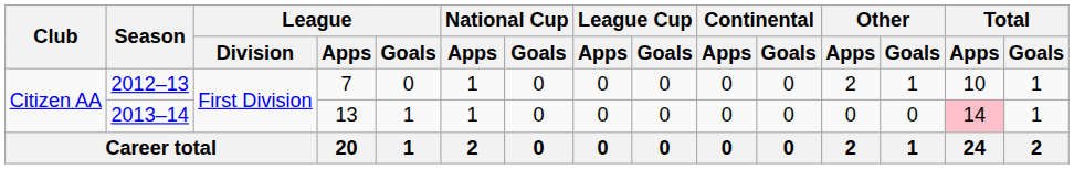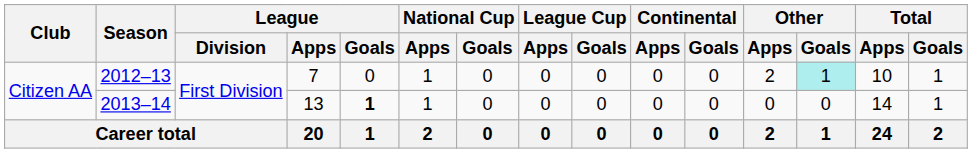 <table class="wikitable" style="text-align: center">
 <tr>
 <th rowspan="2">Club</th>
 <th rowspan="2">Season</th>
 <th colspan="3">League</th>
 <th colspan="2">National Cup</th>
 <th colspan="2">League Cup</th>
 <th colspan="2">Continental</th>
 <th colspan="2">Other</th>
 <th colspan="2">Total</th>
 </tr>
 <tr>
 <th>Division</th>
 <th>Apps</th>
 <th>Goals</th>
 <th>Apps</th>
 <th>Goals</th>
 <th>Apps</th>
 <th>Goals</th>
 <th>Apps</th>
 <th>Goals</th>
 <th>Apps</th>
 <th>Goals</th>
 <th>Apps</th>
 <th>Goals</th>
 </tr>
 <tr>
 <td rowspan="2"><a href='#'>Citizen AA</a></td>
 <td><a href='#'>2012–13</a></td>
 <td rowspan="2"><a href='#'>First Division</a></td>
 <td>7</td>
 <td>0</td>
 <td>1</td>
 <td>0</td>
 <td>0</td>
 <td>0</td>
 <td>0</td>
 <td>0</td>
 <td>2</td>
-<td>1</td>
+<td style="background: paleturquoise;">1</td>
 <td>10</td>
 <td>1</td>
 </tr>
 <tr>
 <td><a href='#'>2013–14</a></td>
 <td>13</td>
-<td>1</td>
+<td><strong>1</strong></td>
 <td>1</td>
 <td>0</td>
 <td>0</td>
 <td>0</td>
 <td>0</td>
 <td>0</td>
 <td>0</td>
 <td>0</td>
-<td style="background: pink;">14</td>
+<td>14</td>
 <td>1</td>
 </tr>
 <tr>
 <th colspan="3"><strong>Career total</strong></th>
 <th>20</th>
 <th>1</th>
 <th>2</th>
 <th>0</th>
 <th>0</th>
 <th>0</th>
 <th>0</th>
 <th>0</th>
 <th>2</th>
 <th>1</th>
 <th>24</th>
 <th>2</th>
 </tr>
 </table>
